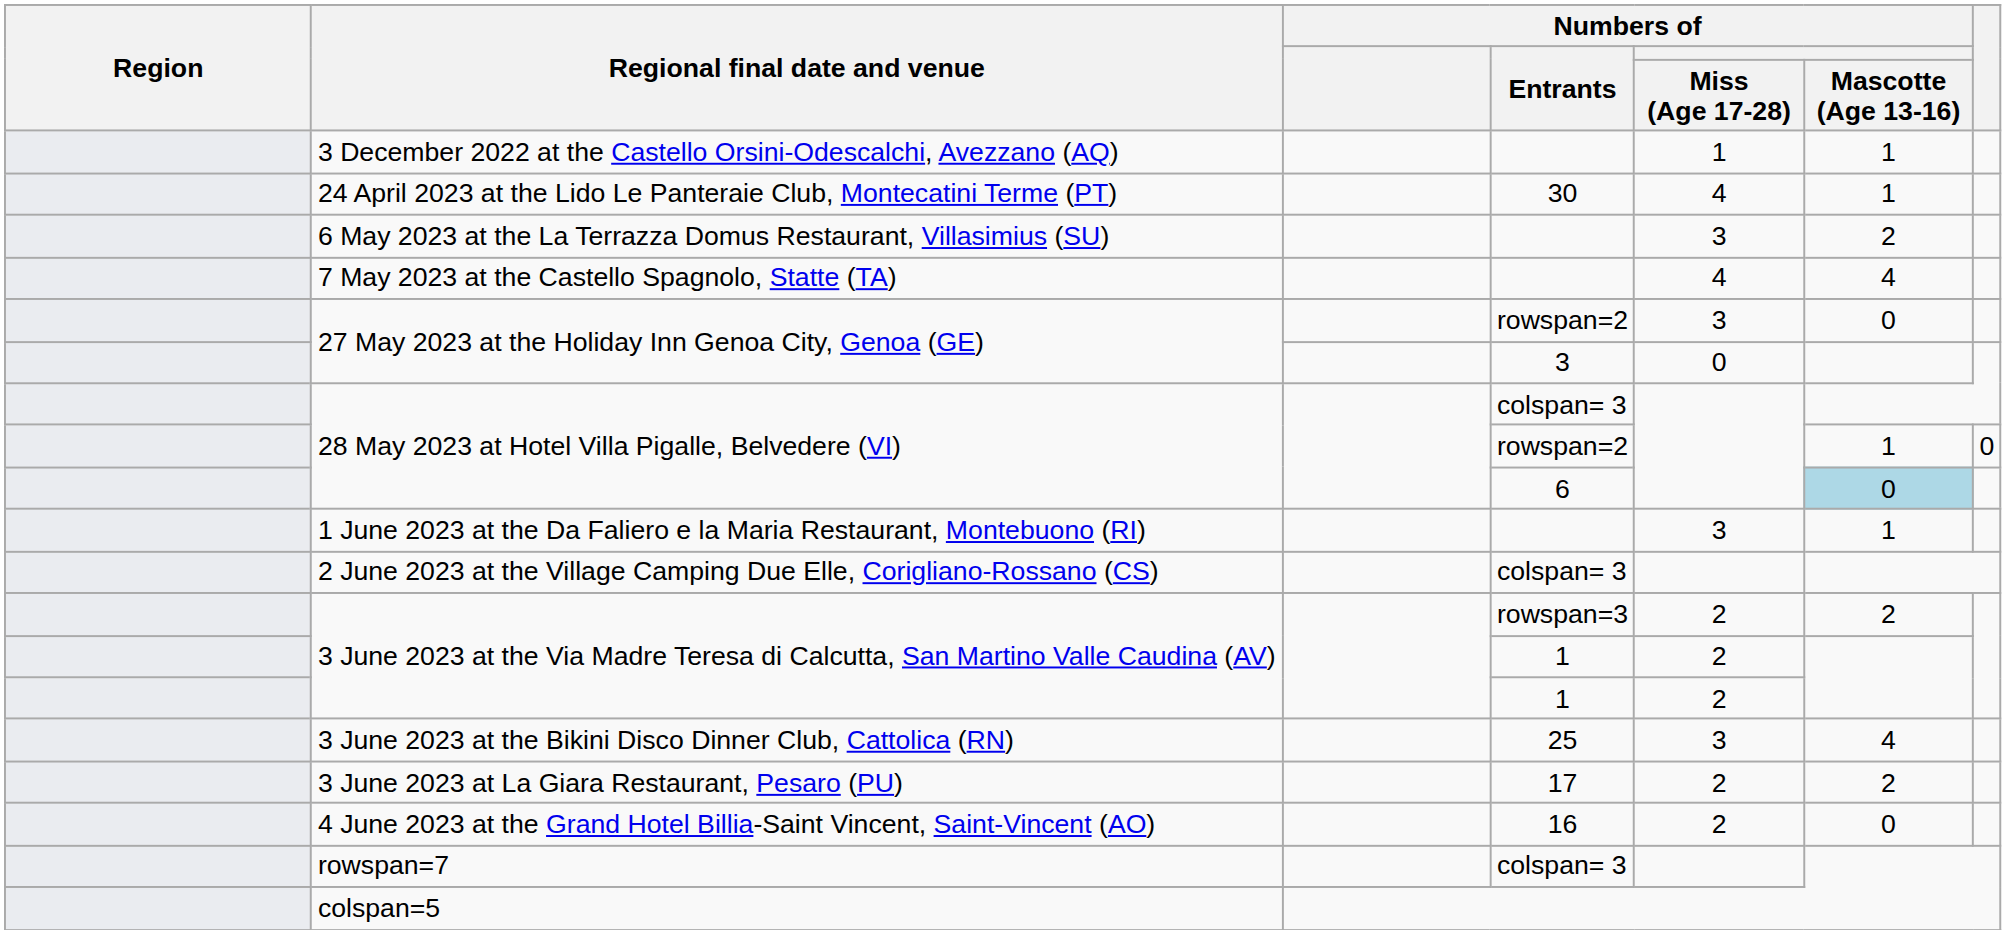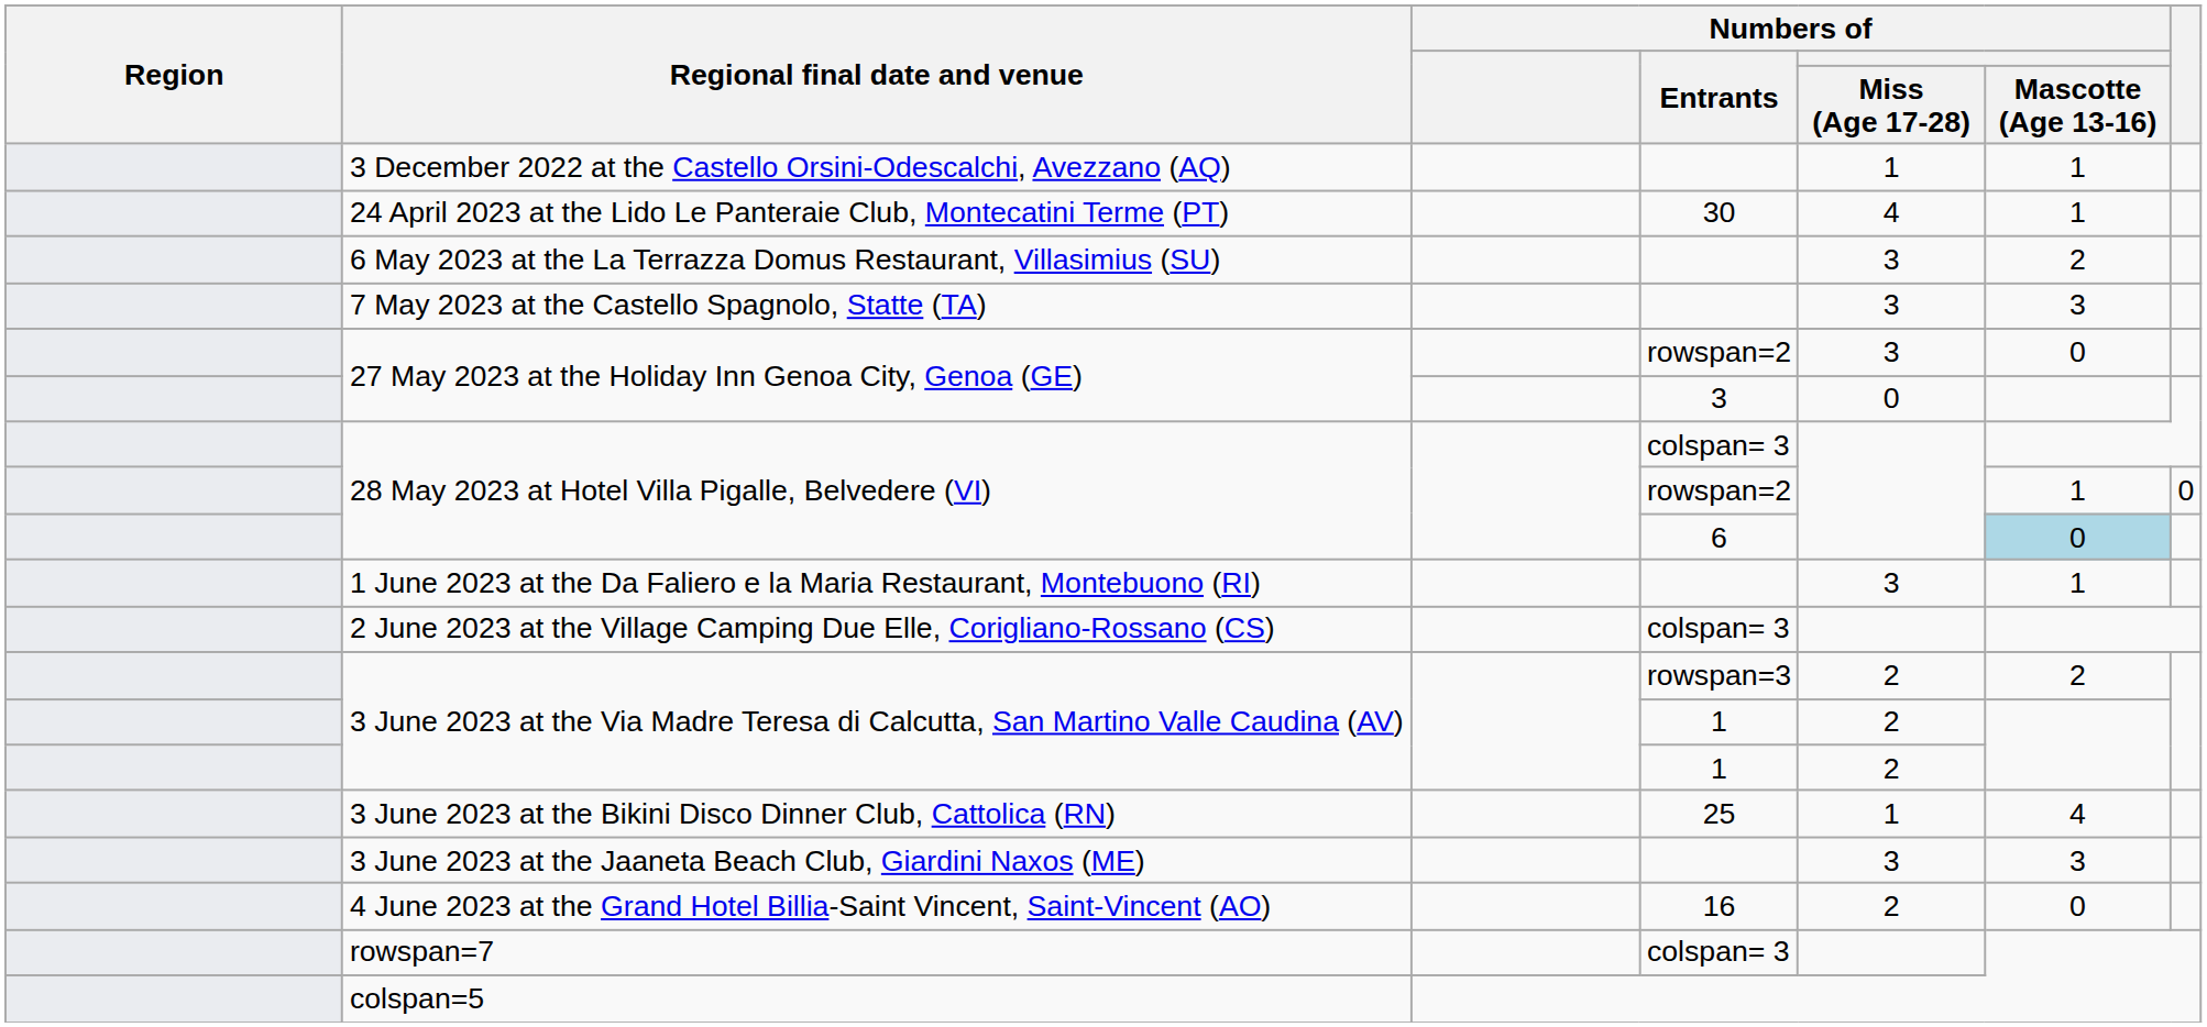 <table class="wikitable sortable static-row-numbers" style="font-size: 85%;">
 <tr>
 <th rowspan=3 width=150px class=unsortable>Region</th>
 <th rowspan=3 class=unsortable>Regional final date and venue</th>
 <th colspan=4 class=unsortable>Numbers of</th>
 <th rowspan=3 class=unsortable></th>
 </tr>
 <tr>
 <th rowspan=2 class=unsortable width=100px></th>
 <th rowspan=2 class=unsortable>Entrants</th>
 <th colspan=2 class=unsortable></th>
 </tr>
 <tr>
 <th width= 80px class=unsortable>Miss<br>(Age 17-28)</th>
 <th width= 80px class=unsortable>Mascotte<br>(Age 13-16)</th>
 </tr>
 <tr>
 <td bgcolor=#eaecf0></td>
 <td>3 December 2022 at the <a href='#'>Castello Orsini-Odescalchi</a>, <a href='#'>Avezzano</a> (<a href='#'>AQ</a>)</td>
 <td></td>
 <td></td>
 <td align=center>1</td>
 <td align=center>1</td>
 <td align=center></td>
 </tr>
 <tr>
 <td bgcolor=#eaecf0></td>
 <td>24 April 2023 at the Lido Le Panteraie Club, <a href='#'>Montecatini Terme</a> (<a href='#'>PT</a>)</td>
 <td></td>
 <td align=center>30</td>
 <td align=center>4</td>
 <td align=center>1</td>
 <td align=center></td>
 </tr>
 <tr>
 <td bgcolor=#eaecf0></td>
 <td>6 May 2023 at the La Terrazza Domus Restaurant, <a href='#'>Villasimius</a> (<a href='#'>SU</a>)</td>
 <td></td>
 <td></td>
 <td align=center>3</td>
 <td align=center>2</td>
 <td align=center></td>
 </tr>
 <tr>
 <td bgcolor=#eaecf0></td>
 <td>7 May 2023 at the Castello Spagnolo, <a href='#'>Statte</a> (<a href='#'>TA</a>)</td>
 <td></td>
 <td></td>
-<td align=center>4</td>
-<td align=center>4</td>
+<td align=center>3</td>
+<td align=center>3</td>
 <td align=center></td>
 </tr>
 <tr>
 <td bgcolor=#eaecf0></td>
 <td rowspan=2>27 May 2023 at the Holiday Inn Genoa City, <a href='#'>Genoa</a> (<a href='#'>GE</a>)</td>
 <td></td>
 <td>rowspan=2 </td>
 <td align=center>3</td>
 <td align=center>0</td>
 <td align=center></td>
 </tr>
 <tr>
 <td bgcolor=#eaecf0></td>
 <td></td>
 <td align=center>3</td>
 <td align=center>0</td>
 <td align=center></td>
 </tr>
 <tr>
 <td bgcolor=#eaecf0></td>
 <td rowspan=3>28 May 2023 at Hotel Villa Pigalle, Belvedere (<a href='#'>VI</a>)</td>
 <td rowspan=3></td>
 <td>colspan= 3 </td>
 <td rowspan=3 align=center></td>
 </tr>
 <tr>
 <td bgcolor=#eaecf0></td>
 <td>rowspan=2 </td>
 <td align=center>1</td>
 <td align=center>0</td>
 </tr>
 <tr>
 <td bgcolor=#eaecf0></td>
 <td align=center>6</td>
 <td align=center style="background: lightblue;">0</td>
 </tr>
 <tr>
 <td bgcolor=#eaecf0></td>
 <td>1 June 2023 at the Da Faliero e la Maria Restaurant, <a href='#'>Montebuono</a> (<a href='#'>RI</a>)</td>
 <td></td>
 <td></td>
 <td align=center>3</td>
 <td align=center>1</td>
 <td align=center></td>
 </tr>
 <tr>
 <td bgcolor=#eaecf0></td>
 <td>2 June 2023 at the Village Camping Due Elle, <a href='#'>Corigliano-Rossano</a> (<a href='#'>CS</a>)</td>
 <td></td>
 <td>colspan= 3 </td>
 <td align=center></td>
 </tr>
 <tr>
 <td bgcolor=#eaecf0></td>
 <td rowspan=3>3 June 2023 at the Via Madre Teresa di Calcutta, <a href='#'>San Martino Valle Caudina</a> (<a href='#'>AV</a>)</td>
 <td rowspan=3></td>
 <td>rowspan=3 </td>
 <td align=center>2</td>
 <td align=center>2</td>
 <td rowspan=3 align=center></td>
 </tr>
 <tr>
 <td bgcolor=#eaecf0></td>
 <td align=center>1</td>
 <td align=center>2</td>
 </tr>
 <tr>
 <td bgcolor=#eaecf0></td>
 <td align=center>1</td>
 <td align=center>2</td>
 </tr>
 <tr>
 <td bgcolor=#eaecf0></td>
 <td>3 June 2023 at the Bikini Disco Dinner Club, <a href='#'>Cattolica</a> (<a href='#'>RN</a>)</td>
 <td></td>
 <td align=center>25</td>
-<td align=center>3</td>
+<td align=center>1</td>
 <td align=center>4</td>
 <td align=center></td>
 </tr>
 <tr>
 <td bgcolor=#eaecf0></td>
-<td>3 June 2023 at La Giara Restaurant, <a href='#'>Pesaro</a> (<a href='#'>PU</a>)</td>
+<td>3 June 2023 at the Jaaneta Beach Club, <a href='#'>Giardini Naxos</a> (<a href='#'>ME</a>)</td>
 <td></td>
-<td align=center>17</td>
-<td align=center>2</td>
-<td align=center>2</td>
+<td></td>
+<td align=center>3</td>
+<td align=center>3</td>
 <td align=center></td>
 </tr>
 <tr>
 <td bgcolor=#eaecf0></td>
 <td>4 June 2023 at the <a href='#'>Grand Hotel Billia</a>-Saint Vincent, <a href='#'>Saint-Vincent</a> (<a href='#'>AO</a>)</td>
 <td></td>
 <td align=center>16</td>
 <td align=center>2</td>
 <td align=center>0</td>
 <td align=center></td>
 </tr>
 <tr>
 <td bgcolor=#eaecf0></td>
 <td>rowspan=7 </td>
 <td></td>
 <td>colspan= 3 </td>
 <td align=center></td>
 </tr>
 <tr>
 <td bgcolor=#eaecf0></td>
 <td>colspan=5 </td>
 </tr>
 </table>
